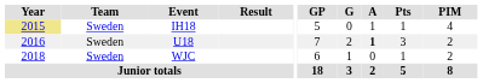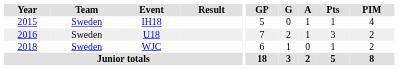 <table border="0" cellpadding="1" cellspacing="0" ID="Table3" style="text-align:center; width:40em;">
 <tr bgcolor="#e0e0e0">
 <th>Year</th>
 <th>Team</th>
 <th>Event</th>
 <th>Result</th>
 <th rowspan="99" bgcolor="#ffffff"></th>
 <th>GP</th>
 <th>G</th>
 <th>A</th>
 <th>Pts</th>
 <th>PIM</th>
 </tr>
 <tr>
-<td style="background: khaki;"><a href='#'>2015</a></td>
+<td><a href='#'>2015</a></td>
 <td><a href='#'>Sweden</a></td>
 <td><a href='#'>IH18</a></td>
 <td></td>
 <td>5</td>
 <td>0</td>
 <td>1</td>
 <td>1</td>
 <td>4</td>
 </tr>
 <tr bgcolor="#f0f0f0">
 <td><a href='#'>2016</a></td>
 <td>Sweden</td>
 <td><a href='#'>U18</a></td>
 <td></td>
 <td>7</td>
 <td>2</td>
-<td><strong>1</strong></td>
+<td>1</td>
 <td>3</td>
 <td>2</td>
 </tr>
 <tr>
 <td><a href='#'>2018</a></td>
 <td><a href='#'>Sweden</a></td>
 <td><a href='#'>WJC</a></td>
 <td></td>
 <td>6</td>
 <td>1</td>
 <td>0</td>
 <td>1</td>
 <td>2</td>
 </tr>
 <tr bgcolor="#e0e0e0">
 <th colspan="4">Junior totals</th>
 <th>18</th>
 <th>3</th>
 <th>2</th>
 <th>5</th>
 <th>8</th>
 </tr>
 </table>
